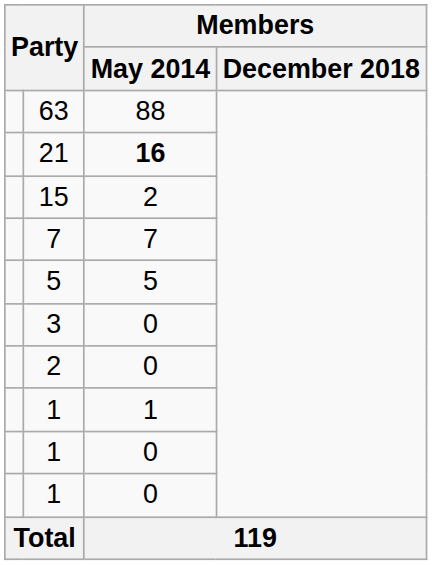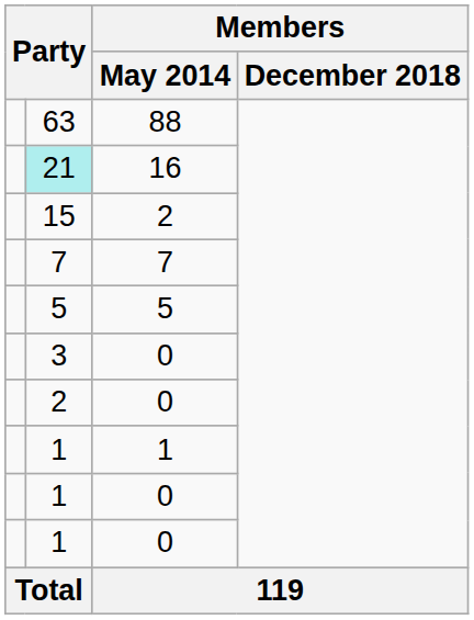 <table class="wikitable sortable">
 <tr>
 <th rowspan=2 colspan="2">Party</th>
 <th colspan=2>Members</th>
 </tr>
 <tr>
 <th>May 2014</th>
 <th>December 2018</th>
 </tr>
 <tr>
 <td></td>
 <td style="text-align: center;">63</td>
 <td style="text-align: center;">88</td>
 </tr>
 <tr>
 <td></td>
-<td style="text-align: center;">21</td>
-<td style="text-align: center;"><strong>16</strong></td>
+<td style="background: paleturquoise; text-align: center;">21</td>
+<td style="text-align: center;">16</td>
 </tr>
 <tr>
 <td></td>
 <td style="text-align: center;">15</td>
 <td style="text-align: center;">2</td>
 </tr>
 <tr>
 <td></td>
 <td style="text-align: center;">7</td>
 <td style="text-align: center;">7</td>
 </tr>
 <tr>
 <td></td>
 <td style="text-align: center;">5</td>
 <td style="text-align: center;">5</td>
 </tr>
 <tr>
 <td></td>
 <td style="text-align: center;">3</td>
 <td style="text-align: center;">0</td>
 </tr>
 <tr>
 <td></td>
 <td style="text-align: center;">2</td>
 <td style="text-align: center;">0</td>
 </tr>
 <tr>
 <td></td>
 <td style="text-align: center;">1</td>
 <td style="text-align: center;">1</td>
 </tr>
 <tr>
 <td></td>
 <td style="text-align: center;">1</td>
 <td style="text-align: center;">0</td>
 </tr>
 <tr>
 <td></td>
 <td style="text-align: center;">1</td>
 <td style="text-align: center;">0</td>
 </tr>
 <tr>
 <th colspan="2"><strong>Total</strong></th>
 <th colspan=2>119</th>
 </tr>
 </table>
